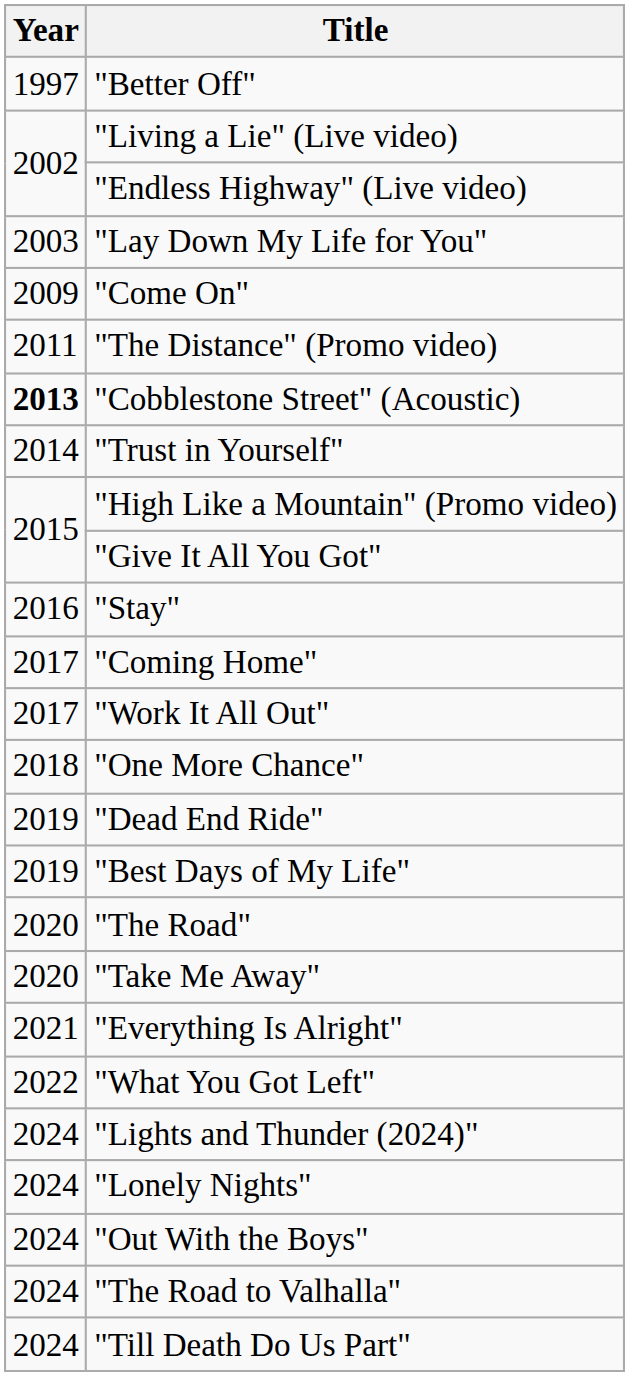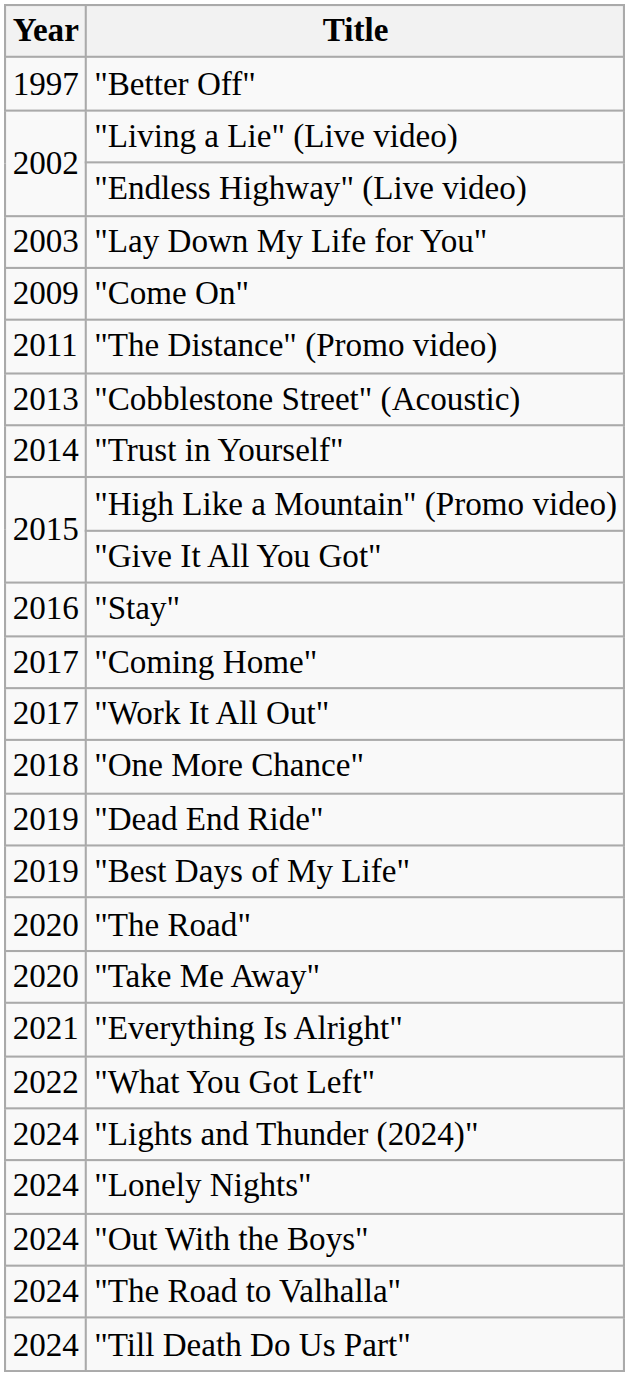 <table class="wikitable">
 <tr>
 <th>Year</th>
 <th>Title</th>
 </tr>
 <tr>
 <td>1997</td>
 <td>"Better Off"</td>
 </tr>
 <tr>
 <td rowspan="2">2002</td>
 <td>"Living a Lie" (Live video)</td>
 </tr>
 <tr>
 <td>"Endless Highway" (Live video)</td>
 </tr>
 <tr>
 <td>2003</td>
 <td>"Lay Down My Life for You"</td>
 </tr>
 <tr>
 <td>2009</td>
 <td>"Come On"</td>
 </tr>
 <tr>
 <td>2011</td>
 <td>"The Distance" (Promo video)</td>
 </tr>
 <tr>
-<td><strong>2013</strong></td>
+<td>2013</td>
 <td>"Cobblestone Street" (Acoustic)</td>
 </tr>
 <tr>
 <td>2014</td>
 <td>"Trust in Yourself"</td>
 </tr>
 <tr>
 <td rowspan="2">2015</td>
 <td>"High Like a Mountain" (Promo video)</td>
 </tr>
 <tr>
 <td>"Give It All You Got"</td>
 </tr>
 <tr>
 <td>2016</td>
 <td>"Stay"</td>
 </tr>
 <tr>
 <td>2017</td>
 <td>"Coming Home"</td>
 </tr>
 <tr>
 <td>2017</td>
 <td>"Work It All Out"</td>
 </tr>
 <tr>
 <td>2018</td>
 <td>"One More Chance"</td>
 </tr>
 <tr>
 <td>2019</td>
 <td>"Dead End Ride"</td>
 </tr>
 <tr>
 <td>2019</td>
 <td>"Best Days of My Life"</td>
 </tr>
 <tr>
 <td>2020</td>
 <td>"The Road"</td>
 </tr>
 <tr>
 <td>2020</td>
 <td>"Take Me Away"</td>
 </tr>
 <tr>
 <td>2021</td>
 <td>"Everything Is Alright"</td>
 </tr>
 <tr>
 <td>2022</td>
 <td>"What You Got Left"</td>
 </tr>
 <tr>
 <td>2024</td>
 <td>"Lights and Thunder (2024)"</td>
 </tr>
 <tr>
 <td>2024</td>
 <td>"Lonely Nights"</td>
 </tr>
 <tr>
 <td>2024</td>
 <td>"Out With the Boys"</td>
 </tr>
 <tr>
 <td>2024</td>
 <td>"The Road to Valhalla"</td>
 </tr>
 <tr>
 <td>2024</td>
 <td>"Till Death Do Us Part"</td>
 </tr>
 <tr>
 </tr>
 </table>
